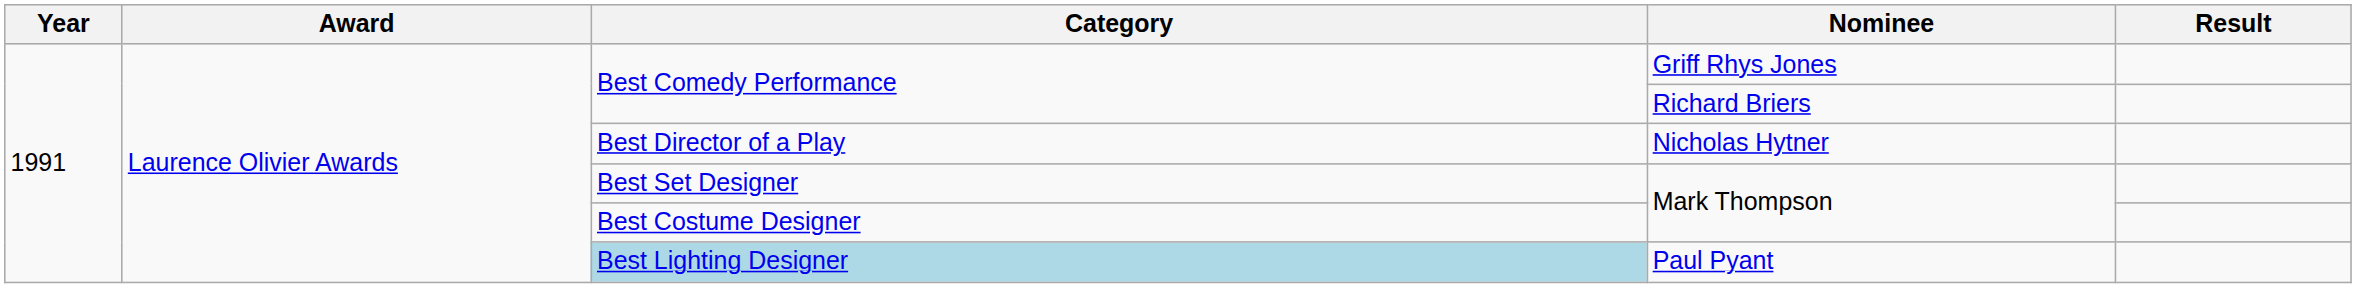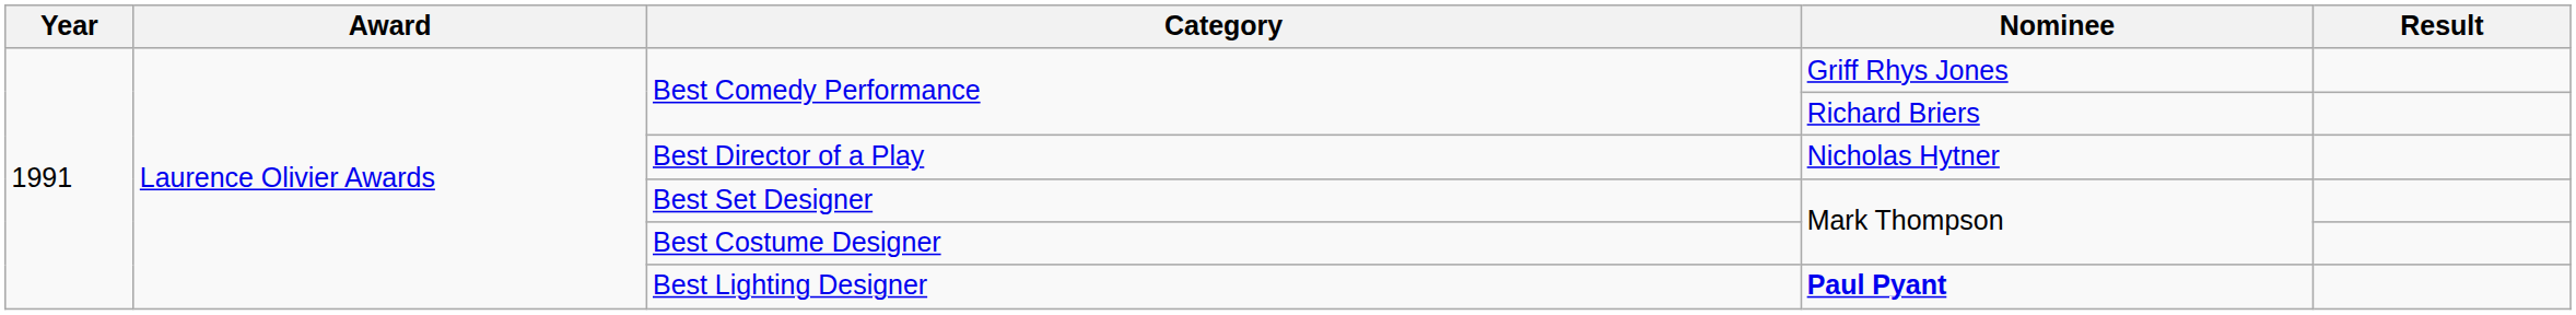 <table class="wikitable" width="95%">
 <tr>
 <th width="5%">Year</th>
 <th width="20%">Award</th>
 <th width="45%">Category</th>
 <th width="20%">Nominee</th>
 <th width="10%">Result</th>
 </tr>
 <tr>
 <td rowspan="6">1991</td>
 <td rowspan="6"><a href='#'>Laurence Olivier Awards</a></td>
 <td rowspan="2"><a href='#'>Best Comedy Performance</a></td>
 <td><a href='#'>Griff Rhys Jones</a></td>
 <td></td>
 </tr>
 <tr>
 <td><a href='#'>Richard Briers</a></td>
 <td></td>
 </tr>
 <tr>
 <td><a href='#'>Best Director of a Play</a></td>
 <td><a href='#'>Nicholas Hytner</a></td>
 <td></td>
 </tr>
 <tr>
 <td><a href='#'>Best Set Designer</a></td>
 <td rowspan="2">Mark Thompson</td>
 <td></td>
 </tr>
 <tr>
 <td><a href='#'>Best Costume Designer</a></td>
 <td></td>
 </tr>
 <tr>
-<td style="background: lightblue;"><a href='#'>Best Lighting Designer</a></td>
-<td><a href='#'>Paul Pyant</a></td>
+<td><a href='#'>Best Lighting Designer</a></td>
+<td><strong><a href='#'>Paul Pyant</a></strong></td>
 <td></td>
 </tr>
 </table>
